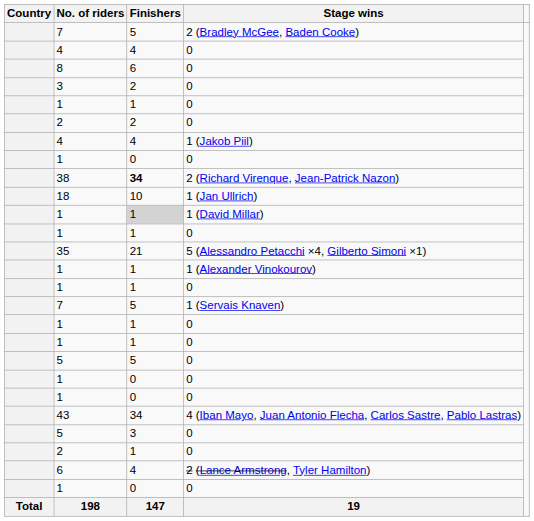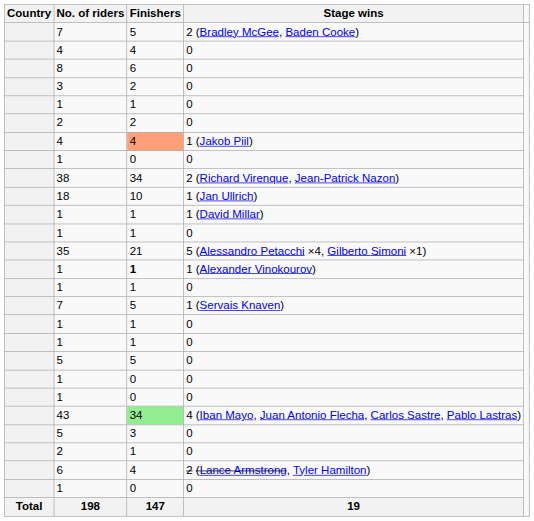 <table class="wikitable sortable plainrowheaders">
 <tr>
 <th scope="col">Country</th>
 <th scope="col">No. of riders</th>
 <th scope="col">Finishers</th>
 <th scope="col">Stage wins</th>
 <td></td>
 </tr>
 <tr>
 <th scope="row"></th>
 <td>7</td>
 <td>5</td>
 <td>2 (<a href='#'>Bradley McGee</a>, <a href='#'>Baden Cooke</a>)</td>
 </tr>
 <tr>
 <th scope="row"></th>
 <td>4</td>
 <td>4</td>
 <td>0</td>
 </tr>
 <tr>
 <th scope="row"></th>
 <td>8</td>
 <td>6</td>
 <td>0</td>
 </tr>
 <tr>
 <th scope="row"></th>
 <td>3</td>
 <td>2</td>
 <td>0</td>
 </tr>
 <tr>
 <th scope="row"></th>
 <td>1</td>
 <td>1</td>
 <td>0</td>
 </tr>
 <tr>
 <th scope="row"></th>
 <td>2</td>
 <td>2</td>
 <td>0</td>
 </tr>
 <tr>
 <th scope="row"></th>
 <td>4</td>
-<td>4</td>
+<td style="background: lightsalmon;">4</td>
 <td>1 (<a href='#'>Jakob Piil</a>)</td>
 </tr>
 <tr>
 <th scope="row"></th>
 <td>1</td>
 <td>0</td>
 <td>0</td>
 </tr>
 <tr>
 <th scope="row"></th>
 <td>38</td>
-<td><strong>34</strong></td>
+<td>34</td>
 <td>2 (<a href='#'>Richard Virenque</a>, <a href='#'>Jean-Patrick Nazon</a>)</td>
 </tr>
 <tr>
 <th scope="row"></th>
 <td>18</td>
 <td>10</td>
 <td>1 (<a href='#'>Jan Ullrich</a>)</td>
 </tr>
 <tr>
 <th scope="row"></th>
 <td>1</td>
-<td style="background: lightgrey;">1</td>
+<td>1</td>
 <td>1 (<a href='#'>David Millar</a>)</td>
 </tr>
 <tr>
 <th scope="row"></th>
 <td>1</td>
 <td>1</td>
 <td>0</td>
 </tr>
 <tr>
 <th scope="row"></th>
 <td>35</td>
 <td>21</td>
 <td>5 (<a href='#'>Alessandro Petacchi</a> ×4, <a href='#'>Gilberto Simoni</a> ×1)</td>
 </tr>
 <tr>
 <th scope="row"></th>
 <td>1</td>
-<td>1</td>
+<td><strong>1</strong></td>
 <td>1 (<a href='#'>Alexander Vinokourov</a>)</td>
 </tr>
 <tr>
 <th scope="row"></th>
 <td>1</td>
 <td>1</td>
 <td>0</td>
 </tr>
 <tr>
 <th scope="row"></th>
 <td>7</td>
 <td>5</td>
 <td>1 (<a href='#'>Servais Knaven</a>)</td>
 </tr>
 <tr>
 <th scope="row"></th>
 <td>1</td>
 <td>1</td>
 <td>0</td>
 </tr>
 <tr>
 <th scope="row"></th>
 <td>1</td>
 <td>1</td>
 <td>0</td>
 </tr>
 <tr>
 <th scope="row"></th>
 <td>5</td>
 <td>5</td>
 <td>0</td>
 </tr>
 <tr>
 <th scope="row"></th>
 <td>1</td>
 <td>0</td>
 <td>0</td>
 </tr>
 <tr>
 <th scope="row"></th>
 <td>1</td>
 <td>0</td>
 <td>0</td>
 </tr>
 <tr>
 <th scope="row"></th>
 <td>43</td>
-<td>34</td>
+<td style="background: lightgreen;">34</td>
 <td>4 (<a href='#'>Iban Mayo</a>, <a href='#'>Juan Antonio Flecha</a>, <a href='#'>Carlos Sastre</a>, <a href='#'>Pablo Lastras</a>)</td>
 </tr>
 <tr>
 <th scope="row"></th>
 <td>5</td>
 <td>3</td>
 <td>0</td>
 </tr>
 <tr>
 <th scope="row"></th>
 <td>2</td>
 <td>1</td>
 <td>0</td>
 </tr>
 <tr>
 <th scope="row"></th>
 <td>6</td>
 <td>4</td>
 <td><del>2</del> <del>(<a href='#'>Lance Armstrong</a></del>, <a href='#'>Tyler Hamilton</a>)</td>
 </tr>
 <tr>
 <th scope="row"></th>
 <td>1</td>
 <td>0</td>
 <td>0</td>
 </tr>
 <tr>
 <th scope="row">Total</th>
 <th>198</th>
 <th>147</th>
 <th>19</th>
 </tr>
 </table>
